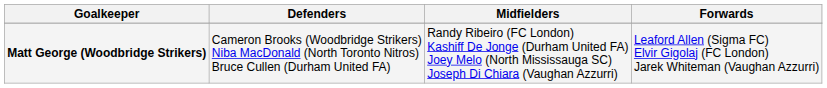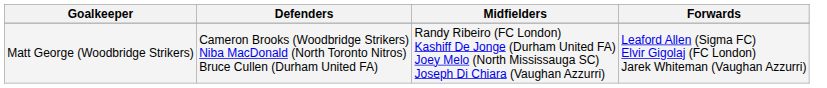 <table class="wikitable">
 <tr style="background:#cccccc;">
 <th>Goalkeeper</th>
 <th>Defenders</th>
 <th>Midfielders</th>
 <th>Forwards</th>
 </tr>
 <tr>
 </tr>
 <tr style="background:#f4f4f4;">
-<td><strong>Matt George (Woodbridge Strikers)</strong></td>
+<td>Matt George (Woodbridge Strikers)</td>
 <td>Cameron Brooks (Woodbridge Strikers)<br><a href='#'>Niba MacDonald</a> (North Toronto Nitros)<br>Bruce Cullen (Durham United FA)</td>
 <td>Randy Ribeiro (FC London)<br><a href='#'>Kashiff De Jonge</a> (Durham United FA)<br><a href='#'>Joey Melo</a> (North Mississauga SC)<br><a href='#'>Joseph Di Chiara</a> (Vaughan Azzurri)</td>
 <td><a href='#'>Leaford Allen</a> (Sigma FC)<br><a href='#'>Elvir Gigolaj</a> (FC London)<br>Jarek Whiteman (Vaughan Azzurri)</td>
 </tr>
 </table>
